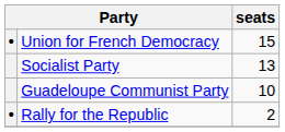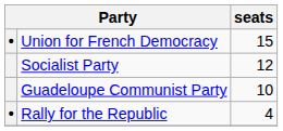 <table class="wikitable" style="font-size: 95%;">
 <tr>
 <th colspan=2>Party</th>
 <th>seats</th>
 </tr>
 <tr>
 <th style="background-color: "><span>•</span></th>
 <td><a href='#'>Union for French Democracy</a></td>
 <td align="right">15</td>
 </tr>
 <tr>
 <th style="background-color: "></th>
 <td><a href='#'>Socialist Party</a></td>
-<td align="right">13</td>
+<td align="right">12</td>
 </tr>
 <tr>
 <th style="background-color: "></th>
 <td><a href='#'>Guadeloupe Communist Party</a></td>
 <td align="right">10</td>
 </tr>
 <tr>
 <th style="background-color: "><span>•</span></th>
 <td><a href='#'>Rally for the Republic</a></td>
-<td align="right">2</td>
+<td align="right">4</td>
 </tr>
 <tr>
 </tr>
 </table>
